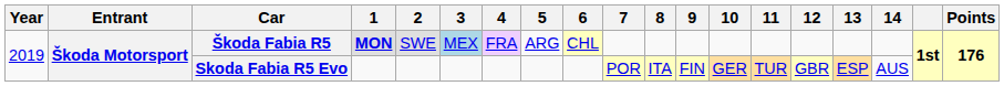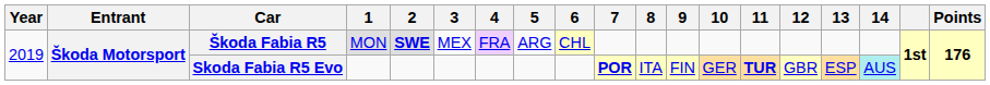 <table class="wikitable" border="1" style="text-align:center; font-size:90%;">
 <tr>
 <th>Year</th>
 <th>Entrant</th>
 <th>Car</th>
 <th>1</th>
 <th>2</th>
 <th>3</th>
 <th>4</th>
 <th>5</th>
 <th>6</th>
 <th>7</th>
 <th>8</th>
 <th>9</th>
 <th>10</th>
 <th>11</th>
 <th>12</th>
 <th>13</th>
 <th>14</th>
 <th></th>
 <th>Points</th>
 </tr>
 <tr>
 <td rowspan="2"><a href='#'>2019</a></td>
 <th rowspan="2"><a href='#'>Škoda Motorsport</a></th>
 <th><a href='#'>Škoda Fabia R5</a></th>
-<td style="background:#DFDFDF;"><strong><a href='#'>MON</a><br></strong></td>
-<td style="background:#DFDFDF;"><a href='#'>SWE</a><br></td>
-<td style="background: lightblue;"><a href='#'>MEX</a></td>
+<td style="background:#DFDFDF;"><a href='#'>MON</a><br></td>
+<td style="background:#DFDFDF;"><strong><a href='#'>SWE</a><br></strong></td>
+<td><a href='#'>MEX</a></td>
 <td style="background:#EFCFFF;"><a href='#'>FRA</a><br></td>
 <td><a href='#'>ARG</a></td>
 <td style="background:#FFFFBF;"><a href='#'>CHL</a><br></td>
 <td></td>
 <td></td>
 <td></td>
 <td></td>
 <td></td>
 <td></td>
 <td></td>
 <td></td>
 <th rowspan="2" style="background:#FFFFBF;">1st</th>
 <th rowspan="2" style="background:#FFFFBF;">176</th>
 </tr>
 <tr>
 <th><a href='#'>Skoda Fabia R5 Evo</a></th>
 <td></td>
 <td></td>
 <td></td>
 <td></td>
 <td></td>
 <td></td>
-<td style="background:#FFFFBF;"><a href='#'>POR</a><br></td>
+<td style="background:#FFFFBF;"><strong><a href='#'>POR</a><br></strong></td>
 <td style="background:#FFFFBF;"><a href='#'>ITA</a><br></td>
 <td style="background:#FFFFBF;"><a href='#'>FIN</a><br></td>
 <td style="background:#FFDF9F;"><a href='#'>GER</a><br></td>
-<td style="background:#FFDF9F;"><a href='#'>TUR</a><br></td>
+<td style="background:#FFDF9F;"><strong><a href='#'>TUR</a><br></strong></td>
 <td style="background:#FFFFBF;"><a href='#'>GBR</a><br></td>
 <td style="background:#FFDF9F;"><a href='#'>ESP</a><br></td>
-<td><a href='#'>AUS</a><br></td>
+<td style="background: paleturquoise;"><a href='#'>AUS</a><br></td>
 </tr>
 </table>
